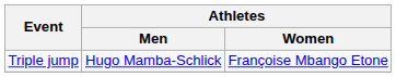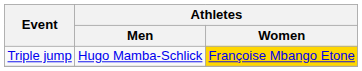 <table class=wikitable style="font-size:90%">
 <tr>
 <th rowspan=2>Event</th>
 <th colspan=2>Athletes</th>
 </tr>
 <tr>
 <th>Men</th>
 <th>Women</th>
 </tr>
 <tr>
 <td><a href='#'>Triple jump</a></td>
 <td><a href='#'>Hugo Mamba-Schlick</a></td>
-<td><a href='#'>Françoise Mbango Etone</a></td>
+<td style="background: gold;"><a href='#'>Françoise Mbango Etone</a></td>
 </tr>
 <tr>
 </tr>
 </table>
